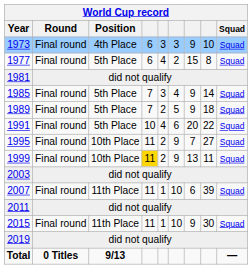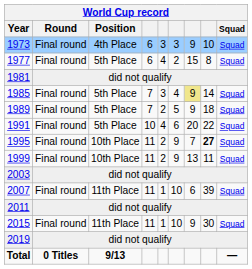 <table class="wikitable" style="text-align: center;">
 <tr>
 <th colspan=9><a href='#'>World Cup record</a></th>
 </tr>
 <tr>
 <th>Year</th>
 <th>Round</th>
 <th>Position</th>
 <th></th>
 <th></th>
 <th></th>
 <th></th>
 <th></th>
 <th><small>Squad</small></th>
 </tr>
 <tr bgcolor=#9acdff>
 <td> <a href='#'>1973</a></td>
 <td>Final round</td>
 <td>4th Place</td>
 <td>6</td>
 <td>3</td>
 <td>3</td>
 <td>9</td>
 <td>10</td>
 <td><small><a href='#'>Squad</a></small></td>
 </tr>
 <tr>
 <td> <a href='#'>1977</a></td>
 <td>Final round</td>
 <td>5th Place</td>
 <td>6</td>
 <td>4</td>
 <td>2</td>
 <td>15</td>
 <td>8</td>
 <td><small><a href='#'>Squad</a></small></td>
 </tr>
 <tr bgcolor="efefef">
 <td> <a href='#'>1981</a></td>
 <td colspan=8 rowspan=1 align=center>did not qualify</td>
 </tr>
 <tr>
 <td> <a href='#'>1985</a></td>
 <td>Final round</td>
 <td>5th Place</td>
 <td>7</td>
 <td>3</td>
 <td>4</td>
-<td>9</td>
+<td style="background: khaki;">9</td>
 <td>14</td>
 <td><small><a href='#'>Squad</a></small></td>
 </tr>
 <tr>
 <td> <a href='#'>1989</a></td>
 <td>Final round</td>
 <td>5th Place</td>
 <td>7</td>
 <td>2</td>
 <td>5</td>
 <td>9</td>
 <td>18</td>
 <td><small><a href='#'>Squad</a></small></td>
 </tr>
 <tr>
 <td> <a href='#'>1991</a></td>
 <td>Final round</td>
 <td>5th Place</td>
 <td>10</td>
 <td>4</td>
 <td>6</td>
 <td>20</td>
 <td>22</td>
 <td><small><a href='#'>Squad</a></small></td>
 </tr>
 <tr>
 <td> <a href='#'>1995</a></td>
 <td>Final round</td>
 <td>10th Place</td>
 <td>11</td>
 <td>2</td>
 <td>9</td>
 <td>7</td>
-<td>27</td>
+<td><strong>27</strong></td>
 <td><small><a href='#'>Squad</a></small></td>
 </tr>
 <tr>
 <td> <a href='#'>1999</a></td>
 <td>Final round</td>
 <td>10th Place</td>
-<td style="background: gold;">11</td>
+<td>11</td>
 <td>2</td>
 <td>9</td>
 <td>13</td>
 <td>11</td>
 <td><small><a href='#'>Squad</a></small></td>
 </tr>
 <tr bgcolor="efefef">
 <td> <a href='#'>2003</a></td>
 <td colspan=8 rowspan=1 align=center>did not qualify</td>
 </tr>
 <tr>
 <td> <a href='#'>2007</a></td>
 <td>Final round</td>
 <td>11th Place</td>
 <td>11</td>
 <td>1</td>
 <td>10</td>
 <td>6</td>
 <td>39</td>
 <td><small><a href='#'>Squad</a></small></td>
 </tr>
 <tr bgcolor="efefef">
 <td> <a href='#'>2011</a></td>
 <td colspan=8 rowspan=1 align=center>did not qualify</td>
 </tr>
 <tr>
 <td> <a href='#'>2015</a></td>
 <td>Final round</td>
 <td>11th Place</td>
 <td>11</td>
 <td>1</td>
 <td>10</td>
 <td>9</td>
 <td>30</td>
 <td><small><a href='#'>Squad</a></small></td>
 </tr>
 <tr bgcolor="efefef">
 <td> <a href='#'>2019</a></td>
 <td colspan=8 rowspan=1 align=center>did not qualify</td>
 </tr>
 <tr>
 <td colspan=1><strong>Total</strong></td>
 <td><strong>0 Titles</strong></td>
 <td><strong>9/13</strong></td>
 <td><strong> </strong></td>
 <td><strong> </strong></td>
 <td><strong> </strong></td>
 <td><strong> </strong></td>
 <td><strong> </strong></td>
 <td><strong>—</strong></td>
 </tr>
 </table>
